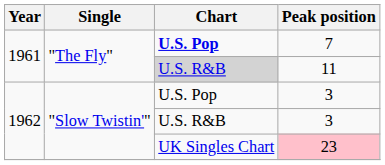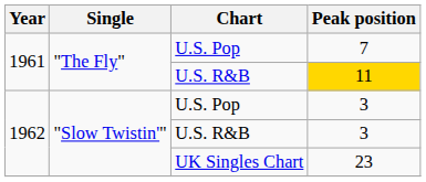 <table class="wikitable">
 <tr>
 <th>Year</th>
 <th>Single</th>
 <th>Chart</th>
 <th>Peak position</th>
 </tr>
 <tr>
 <td rowspan="2">1961</td>
 <td rowspan="2">"<a href='#'>The Fly</a>"</td>
-<td rowspan="1"><strong><a href='#'>U.S. Pop</a></strong></td>
+<td rowspan="1"><a href='#'>U.S. Pop</a></td>
 <td align="center">7</td>
 </tr>
 <tr>
-<td rowspan="1" style="background: lightgrey;"><a href='#'>U.S. R&B</a></td>
-<td align="center">11</td>
+<td rowspan="1"><a href='#'>U.S. R&B</a></td>
+<td align="center" style="background: gold;">11</td>
 </tr>
 <tr>
 <td rowspan="3">1962</td>
 <td rowspan="3">"<a href='#'>Slow Twistin'</a>"</td>
 <td rowspan="1">U.S. Pop</td>
 <td align="center">3</td>
 </tr>
 <tr>
 <td rowspan="1">U.S. R&B</td>
 <td align="center">3</td>
 </tr>
 <tr 1961>
 <td rowspan="1"><a href='#'>UK Singles Chart</a></td>
-<td align="center" style="background: pink;">23</td>
+<td align="center">23</td>
 </tr>
 <tr>
 </tr>
 </table>
